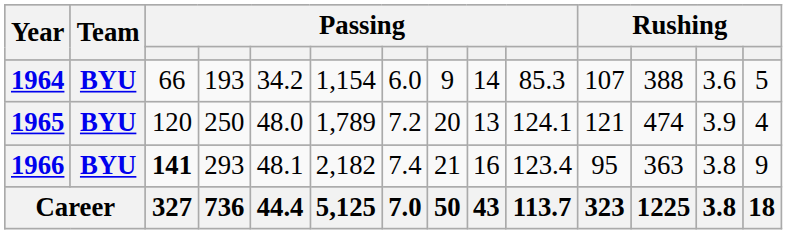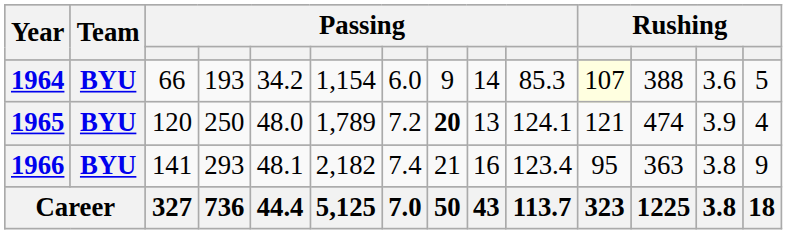 <table class="wikitable" style="text-align:center;">
 <tr>
 <th rowspan="2">Year</th>
 <th rowspan="2">Team</th>
 <th colspan="8">Passing</th>
 <th colspan="4">Rushing</th>
 </tr>
 <tr>
 <th></th>
 <th></th>
 <th></th>
 <th></th>
 <th></th>
 <th></th>
 <th></th>
 <th></th>
 <th></th>
 <th></th>
 <th></th>
 <th></th>
 </tr>
 <tr>
 <th><a href='#'>1964</a></th>
 <th><a href='#'>BYU</a></th>
 <td>66</td>
 <td>193</td>
 <td>34.2</td>
 <td>1,154</td>
 <td>6.0</td>
 <td>9</td>
 <td>14</td>
 <td>85.3</td>
-<td>107</td>
+<td style="background: lightyellow;">107</td>
 <td>388</td>
 <td>3.6</td>
 <td>5</td>
 </tr>
 <tr>
 <th><a href='#'>1965</a></th>
 <th><a href='#'>BYU</a></th>
 <td>120</td>
 <td>250</td>
 <td>48.0</td>
 <td>1,789</td>
 <td>7.2</td>
-<td>20</td>
+<td><strong>20</strong></td>
 <td>13</td>
 <td>124.1</td>
 <td>121</td>
 <td>474</td>
 <td>3.9</td>
 <td>4</td>
 </tr>
 <tr>
 <th><a href='#'>1966</a></th>
 <th><a href='#'>BYU</a></th>
-<td><strong>141</strong></td>
+<td>141</td>
 <td>293</td>
 <td>48.1</td>
 <td>2,182</td>
 <td>7.4</td>
 <td>21</td>
 <td>16</td>
 <td>123.4</td>
 <td>95</td>
 <td>363</td>
 <td>3.8</td>
 <td>9</td>
 </tr>
 <tr>
 <th colspan="2">Career</th>
 <th>327</th>
 <th>736</th>
 <th>44.4</th>
 <th>5,125</th>
 <th>7.0</th>
 <th>50</th>
 <th>43</th>
 <th>113.7</th>
 <th>323</th>
 <th>1225</th>
 <th>3.8</th>
 <th>18</th>
 </tr>
 </table>
